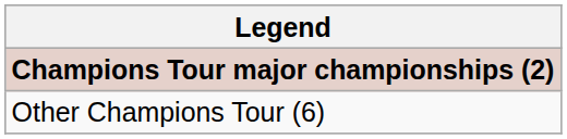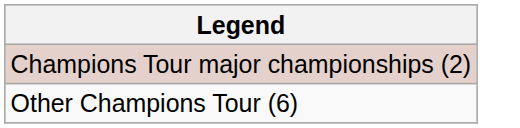 <table class="wikitable" style="font-size:95%;">
 <tr>
 <th>Legend</th>
 </tr>
 <tr style="background:#e5d1cb;">
-<td><strong>Champions Tour major championships (2)</strong></td>
+<td>Champions Tour major championships (2)</td>
 </tr>
 <tr>
 <td>Other Champions Tour (6)</td>
 </tr>
 </table>
